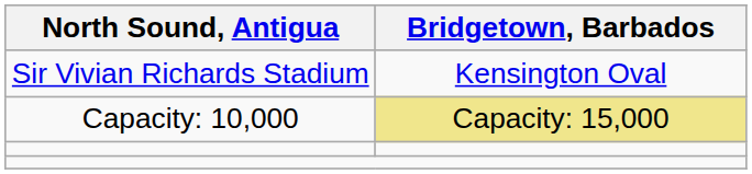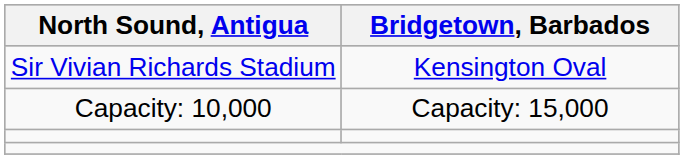 <table class="wikitable" style="text-align:center;">
 <tr>
 <th width="50%">North Sound, <a href='#'>Antigua</a></th>
 <th width="50%"><a href='#'>Bridgetown</a>, Barbados</th>
 </tr>
 <tr>
 <td><a href='#'>Sir Vivian Richards Stadium</a></td>
 <td><a href='#'>Kensington Oval</a></td>
 </tr>
 <tr>
 <td>Capacity: 10,000</td>
-<td style="background: khaki;">Capacity: 15,000</td>
+<td>Capacity: 15,000</td>
 </tr>
 <tr>
 <td></td>
 <td></td>
 </tr>
 <tr>
 <td colspan=2><div></div></td>
 </tr>
 </table>
